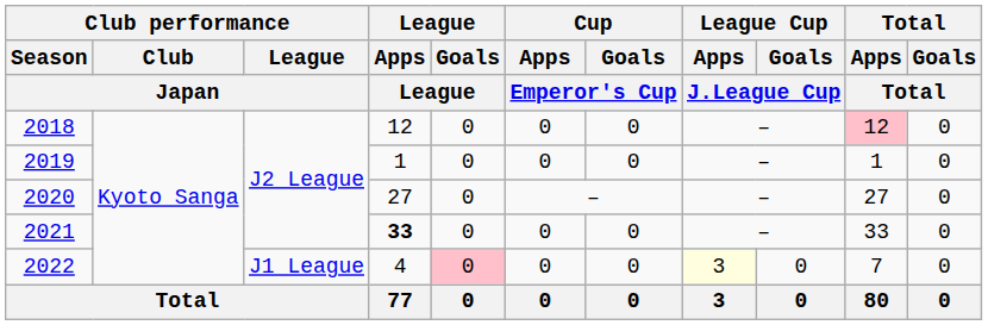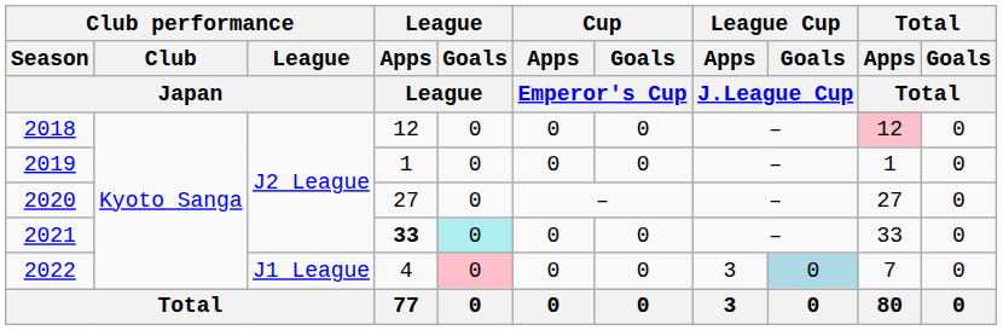 <table class="wikitable" style="text-align:center;">
 <tr>
 <th colspan=3>Club performance</th>
 <th colspan=2>League</th>
 <th colspan=2>Cup</th>
 <th colspan="2">League Cup</th>
 <th colspan=2>Total</th>
 </tr>
 <tr>
 <th>Season</th>
 <th>Club</th>
 <th>League</th>
 <th>Apps</th>
 <th>Goals</th>
 <th>Apps</th>
 <th>Goals</th>
 <th>Apps</th>
 <th>Goals</th>
 <th>Apps</th>
 <th>Goals</th>
 </tr>
 <tr>
 <th colspan=3>Japan</th>
 <th colspan=2>League</th>
 <th colspan=2><a href='#'>Emperor's Cup</a></th>
 <th colspan="2"><a href='#'>J.League Cup</a></th>
 <th colspan=2>Total</th>
 </tr>
 <tr>
 <td><a href='#'>2018</a></td>
 <td rowspan="5"><a href='#'>Kyoto Sanga</a></td>
 <td rowspan="4"><a href='#'>J2 League</a></td>
 <td>12</td>
 <td>0</td>
 <td>0</td>
 <td>0</td>
 <td colspan="2">–</td>
 <td style="background: pink;">12</td>
 <td>0</td>
 </tr>
 <tr>
 <td><a href='#'>2019</a></td>
 <td>1</td>
 <td>0</td>
 <td>0</td>
 <td>0</td>
 <td colspan="2">–</td>
 <td>1</td>
 <td>0</td>
 </tr>
 <tr>
 <td><a href='#'>2020</a></td>
 <td>27</td>
 <td>0</td>
 <td colspan="2">–</td>
 <td colspan="2">–</td>
 <td>27</td>
 <td>0</td>
 </tr>
 <tr>
 <td><a href='#'>2021</a></td>
 <td><strong>33</strong></td>
-<td>0</td>
+<td style="background: paleturquoise;">0</td>
 <td>0</td>
 <td>0</td>
 <td colspan="2">–</td>
 <td>33</td>
 <td>0</td>
 </tr>
 <tr>
 <td><a href='#'>2022</a></td>
 <td><a href='#'>J1 League</a></td>
 <td>4</td>
 <td style="background: pink;">0</td>
 <td>0</td>
 <td>0</td>
-<td style="background: lightyellow;">3</td>
-<td>0</td>
+<td>3</td>
+<td style="background: lightblue;">0</td>
 <td>7</td>
 <td>0</td>
 </tr>
 <tr>
 <th colspan="3">Total</th>
 <th>77</th>
 <th>0</th>
 <th>0</th>
 <th>0</th>
 <th>3</th>
 <th>0</th>
 <th>80</th>
 <th>0</th>
 </tr>
 </table>
